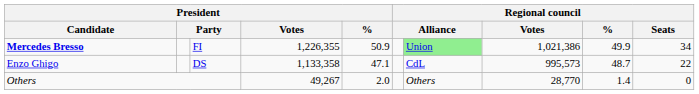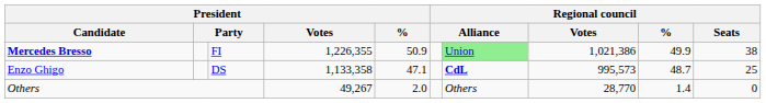 <table class="wikitable" style="text-align:right; style="width=65%">
 <tr>
 <th colspan="5">President</th>
 <th colspan="7">Regional council</th>
 </tr>
 <tr>
 <th>Candidate</th>
 <th colspan="2">Party</th>
 <th>Votes</th>
 <th>%</th>
 <th colspan="2">Alliance</th>
 <th>Votes</th>
 <th>%</th>
 <th>Seats</th>
 </tr>
 <tr>
 <td style="text-align:left"><strong><a href='#'>Mercedes Bresso</a></strong></td>
 <td></td>
 <td style="text-align:left"><a href='#'>FI</a></td>
 <td>1,226,355</td>
 <td>50.9</td>
 <td></td>
 <td style="background: lightgreen; text-align:left"><a href='#'>Union</a></td>
 <td>1,021,386</td>
 <td>49.9</td>
-<td>34</td>
+<td>38</td>
 </tr>
 <tr>
 <td style="text-align:left"><a href='#'>Enzo Ghigo</a></td>
 <td></td>
 <td style="text-align:left"><a href='#'>DS</a></td>
 <td>1,133,358</td>
 <td>47.1</td>
 <td></td>
-<td style="text-align:left"><a href='#'>CdL</a></td>
+<td style="text-align:left"><strong><a href='#'>CdL</a></strong></td>
 <td>995,573</td>
 <td>48.7</td>
-<td>22</td>
+<td>25</td>
 </tr>
 <tr>
 <td colspan="3" style="text-align:left"><em>Others</em></td>
 <td>49,267</td>
 <td>2.0</td>
 <td></td>
 <td style="text-align:left"><em>Others</em></td>
 <td>28,770</td>
 <td>1.4</td>
 <td>0</td>
 </tr>
 </table>
